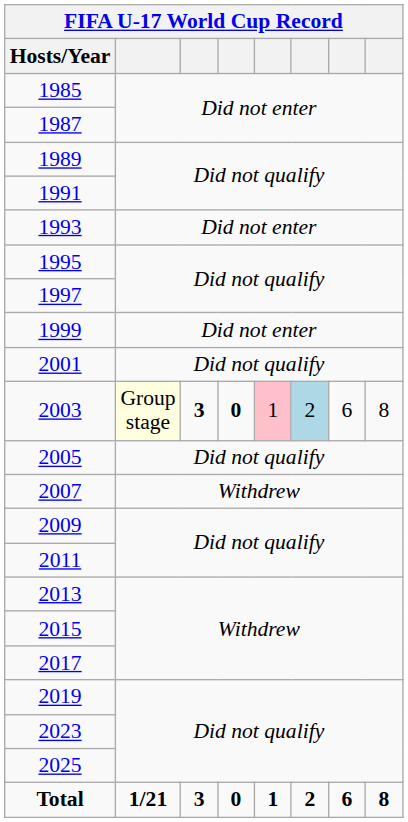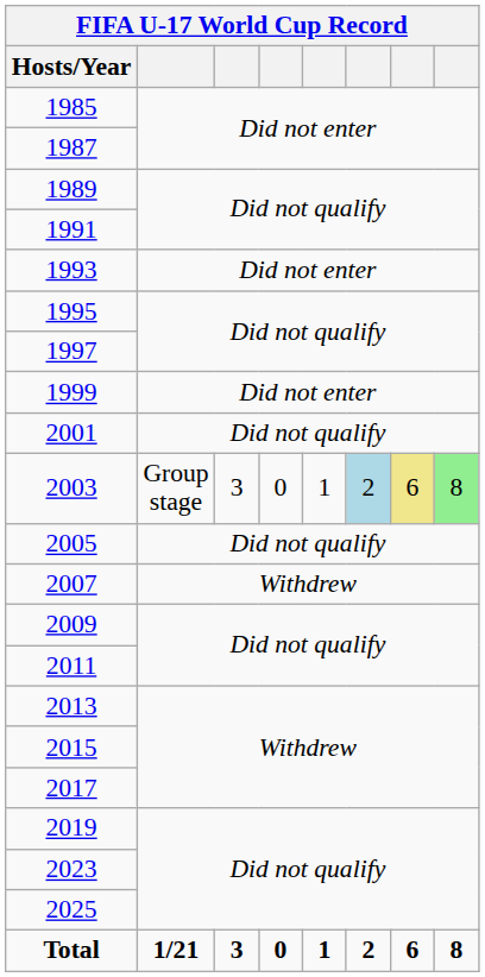 <table class="wikitable" style="text-align: center;">
 <tr>
 <th colspan=9><a href='#'>FIFA U-17 World Cup Record</a></th>
 </tr>
 <tr>
 <th>Hosts/Year</th>
 <th width=20></th>
 <th width=20></th>
 <th width=20></th>
 <th width=20></th>
 <th width=20></th>
 <th width=20></th>
 <th width=20></th>
 </tr>
 <tr>
 <td> <a href='#'>1985</a></td>
 <td colspan=7 rowspan=2><em>Did not enter</em></td>
 </tr>
 <tr>
 <td> <a href='#'>1987</a></td>
 </tr>
 <tr>
 <td> <a href='#'>1989</a></td>
 <td colspan=7 rowspan=2><em>Did not qualify</em></td>
 </tr>
 <tr>
 <td> <a href='#'>1991</a></td>
 </tr>
 <tr>
 <td> <a href='#'>1993</a></td>
 <td colspan=7 rowspan=1><em>Did not enter</em></td>
 </tr>
 <tr>
 <td> <a href='#'>1995</a></td>
 <td colspan=7 rowspan=2><em>Did not qualify</em></td>
 </tr>
 <tr>
 <td> <a href='#'>1997</a></td>
 </tr>
 <tr>
 <td> <a href='#'>1999</a></td>
 <td colspan=7 rowspan=1><em>Did not enter</em></td>
 </tr>
 <tr>
 <td> <a href='#'>2001</a></td>
 <td colspan=7 rowspan=1><em>Did not qualify</em></td>
 </tr>
 <tr>
 <td> <a href='#'>2003</a></td>
-<td style="background: lightyellow;">Group stage</td>
-<td><strong>3</strong></td>
-<td><strong>0</strong></td>
-<td style="background: pink;">1</td>
+<td>Group stage</td>
+<td>3</td>
+<td>0</td>
+<td>1</td>
 <td style="background: lightblue;">2</td>
-<td>6</td>
-<td>8</td>
+<td style="background: khaki;">6</td>
+<td style="background: lightgreen;">8</td>
 </tr>
 <tr>
 <td> <a href='#'>2005</a></td>
 <td colspan=7 rowspan=1><em>Did not qualify</em></td>
 </tr>
 <tr>
 <td> <a href='#'>2007</a></td>
 <td colspan=7 rowspan=1><em>Withdrew</em></td>
 </tr>
 <tr>
 <td> <a href='#'>2009</a></td>
 <td colspan=7 rowspan=2><em>Did not qualify</em></td>
 </tr>
 <tr>
 <td> <a href='#'>2011</a></td>
 </tr>
 <tr>
 <td> <a href='#'>2013</a></td>
 <td colspan=7 rowspan=3><em>Withdrew</em></td>
 </tr>
 <tr>
 <td> <a href='#'>2015</a></td>
 </tr>
 <tr>
 <td> <a href='#'>2017</a></td>
 </tr>
 <tr>
 <td> <a href='#'>2019</a></td>
 <td colspan=7 rowspan=3><em>Did not qualify</em></td>
 </tr>
 <tr>
 <td> <a href='#'>2023</a></td>
 </tr>
 <tr>
 <td> <a href='#'>2025</a></td>
 </tr>
 <tr>
 <td><strong>Total</strong></td>
 <td><strong>1/21</strong></td>
 <td><strong>3</strong></td>
 <td><strong>0</strong></td>
 <td><strong>1</strong></td>
 <td><strong>2</strong></td>
 <td><strong>6</strong></td>
 <td><strong>8</strong></td>
 </tr>
 </table>
